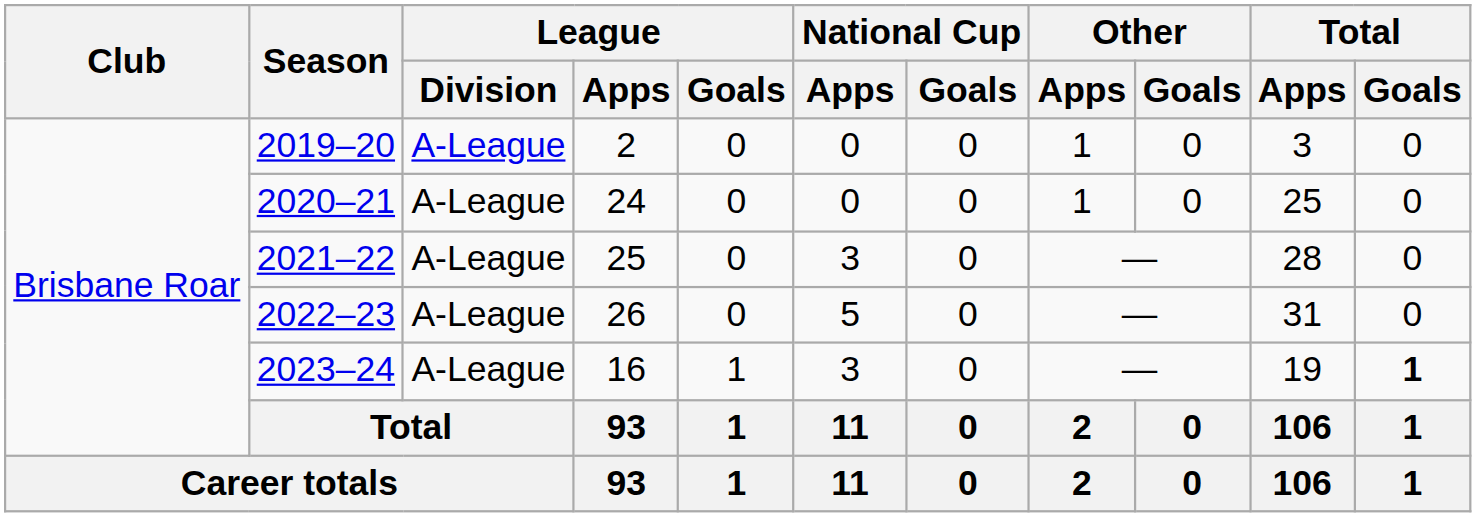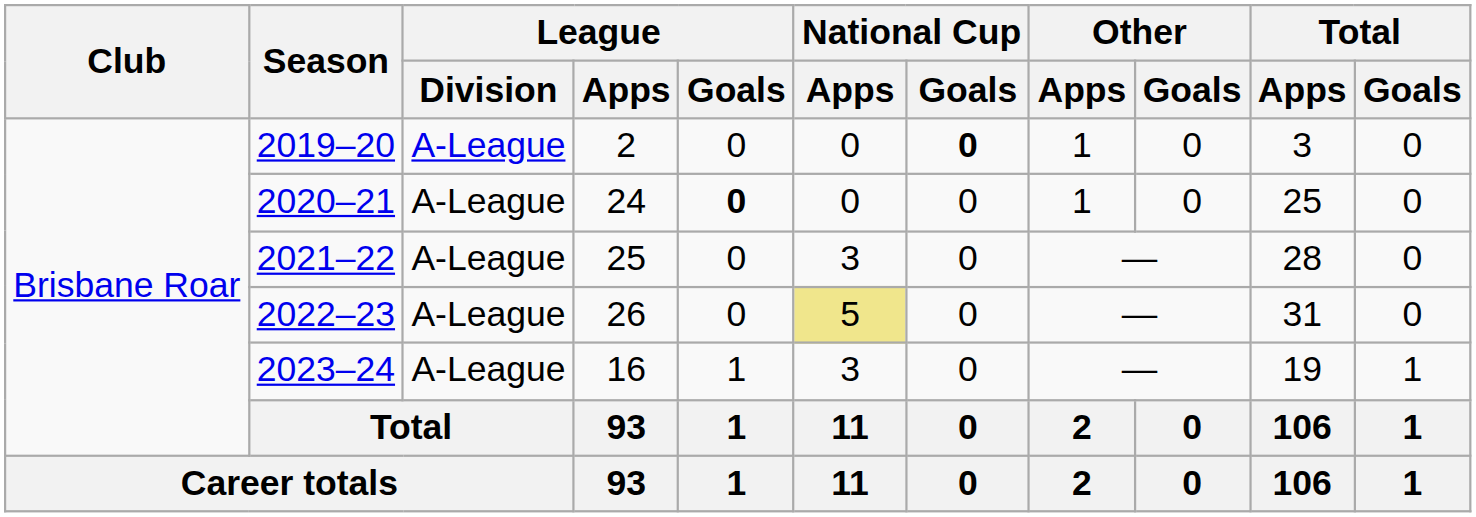 <table class="wikitable" style="text-align:center">
 <tr>
 <th rowspan="2">Club</th>
 <th rowspan="2">Season</th>
 <th colspan="3">League</th>
 <th colspan="2">National Cup</th>
 <th colspan="2">Other</th>
 <th colspan="2">Total</th>
 </tr>
 <tr>
 <th>Division</th>
 <th>Apps</th>
 <th>Goals</th>
 <th>Apps</th>
 <th>Goals</th>
 <th>Apps</th>
 <th>Goals</th>
 <th>Apps</th>
 <th>Goals</th>
 </tr>
 <tr>
 <td rowspan="6"><a href='#'>Brisbane Roar</a></td>
 <td><a href='#'>2019–20</a></td>
 <td><a href='#'>A-League</a></td>
 <td>2</td>
 <td>0</td>
 <td>0</td>
-<td>0</td>
+<td><strong>0</strong></td>
 <td>1</td>
 <td>0</td>
 <td>3</td>
 <td>0</td>
 </tr>
 <tr>
 <td><a href='#'>2020–21</a></td>
 <td>A-League</td>
 <td>24</td>
-<td>0</td>
+<td><strong>0</strong></td>
 <td>0</td>
 <td>0</td>
 <td>1</td>
 <td>0</td>
 <td>25</td>
 <td>0</td>
 </tr>
 <tr>
 <td><a href='#'>2021–22</a></td>
 <td>A-League</td>
 <td>25</td>
 <td>0</td>
 <td>3</td>
 <td>0</td>
 <td colspan="2">—</td>
 <td>28</td>
 <td>0</td>
 </tr>
 <tr>
 <td><a href='#'>2022–23</a></td>
 <td>A-League</td>
 <td>26</td>
 <td>0</td>
-<td>5</td>
+<td style="background: khaki;">5</td>
 <td>0</td>
 <td colspan="2">—</td>
 <td>31</td>
 <td>0</td>
 </tr>
 <tr>
 <td><a href='#'>2023–24</a></td>
 <td>A-League</td>
 <td>16</td>
 <td>1</td>
 <td>3</td>
 <td>0</td>
 <td colspan="2">—</td>
 <td>19</td>
-<td><strong>1</strong></td>
+<td>1</td>
 </tr>
 <tr>
 <th colspan="2">Total</th>
 <th>93</th>
 <th>1</th>
 <th>11</th>
 <th>0</th>
 <th>2</th>
 <th>0</th>
 <th>106</th>
 <th>1</th>
 </tr>
 <tr>
 <th colspan="3">Career totals</th>
 <th>93</th>
 <th>1</th>
 <th>11</th>
 <th>0</th>
 <th>2</th>
 <th>0</th>
 <th>106</th>
 <th>1</th>
 </tr>
 </table>
